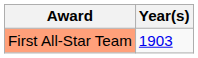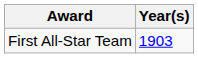 <table class="wikitable">
 <tr>
 <th>Award</th>
 <th>Year(s)</th>
 </tr>
 <tr>
-<td style="background: lightsalmon;">First All-Star Team</td>
+<td>First All-Star Team</td>
 <td><a href='#'>1903</a></td>
 </tr>
 </table>
